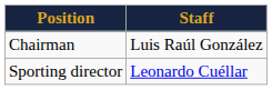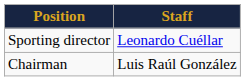 <table class="wikitable">
 <tr>
 <th style=background-color:#172442;color:Goldenrod>Position</th>
 <th style=background-color:#172442;color:Goldenrod>Staff</th>
 </tr>
 <tr>
+<td>Sporting director</td>
+<td> <a href='#'>Leonardo Cuéllar</a></td>
+</tr>
+<tr>
 <td>Chairman</td>
 <td> Luis Raúl González</td>
 </tr>
-<tr>
-<td>Sporting director</td>
-<td> <a href='#'>Leonardo Cuéllar</a></td>
-</tr>
 </table>
